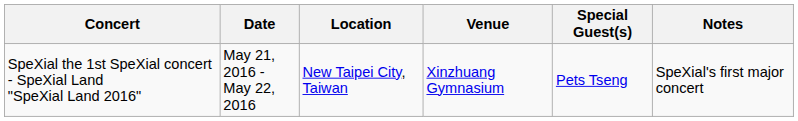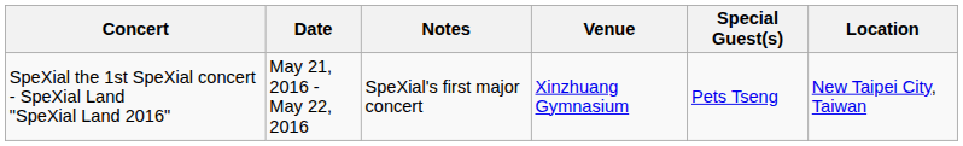 <table class="wikitable">
 <tr>
 <th>Concert</th>
 <th>Date</th>
-<th>Location</th>
+<th>Notes</th>
 <th>Venue</th>
 <th>Special Guest(s)</th>
-<th>Notes</th>
+<th>Location</th>
 </tr>
 <tr>
 <td>SpeXial the 1st SpeXial concert - SpeXial Land<br>"SpeXial Land 2016"</td>
 <td>May 21, 2016 -<br>May 22, 2016</td>
-<td><a href='#'>New Taipei City</a>, <a href='#'>Taiwan</a></td>
+<td>SpeXial's first major concert</td>
 <td><a href='#'>Xinzhuang Gymnasium</a></td>
 <td><a href='#'>Pets Tseng</a></td>
-<td>SpeXial's first major concert</td>
+<td><a href='#'>New Taipei City</a>, <a href='#'>Taiwan</a></td>
 </tr>
 </table>
